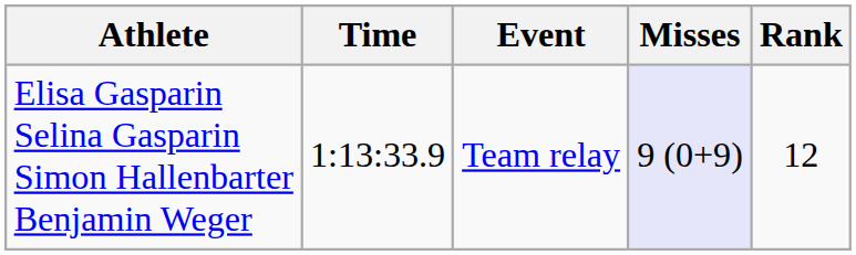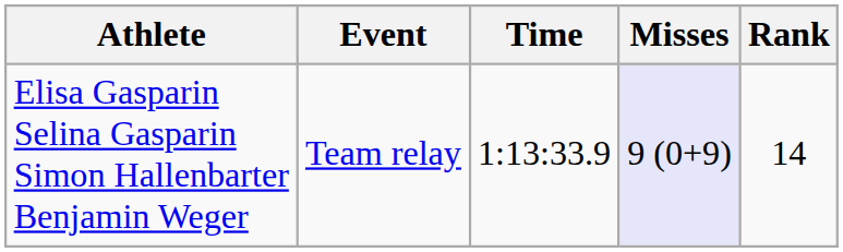 <table class="wikitable" style="font-size:90%">
 <tr>
 <th>Athlete</th>
+<th>Event</th>
 <th>Time</th>
-<th>Event</th>
 <th>Misses</th>
 <th>Rank</th>
 </tr>
 <tr align=center>
 <td align=left><a href='#'>Elisa Gasparin</a><br><a href='#'>Selina Gasparin</a><br><a href='#'>Simon Hallenbarter</a><br><a href='#'>Benjamin Weger</a></td>
+<td align=left><a href='#'>Team relay</a></td>
 <td>1:13:33.9</td>
-<td align=left><a href='#'>Team relay</a></td>
 <td style="background: lavender;">9 (0+9)</td>
-<td>12</td>
+<td>14</td>
 </tr>
 </table>
